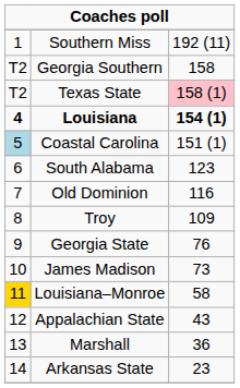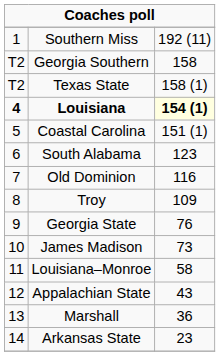 <table class="wikitable">
 <tr align="center">
 <td align="center" Colspan="3"><strong>Coaches poll</strong></td>
 </tr>
 <tr align="center">
 </tr>
 <tr align="center">
 <td>1</td>
 <td>Southern Miss</td>
 <td>192 (11)</td>
 </tr>
 <tr align="center">
 <td>T2</td>
 <td>Georgia Southern</td>
 <td>158</td>
 </tr>
 <tr align="center">
 <td>T2</td>
 <td>Texas State</td>
-<td style="background: pink;">158 (1)</td>
+<td>158 (1)</td>
 </tr>
 <tr align="center">
 <td><strong>4</strong></td>
 <td><strong>Louisiana</strong></td>
-<td><strong>154 (1)</strong></td>
+<td style="background: lightyellow;"><strong>154 (1)</strong></td>
 </tr>
 <tr align="center">
-<td style="background: lightblue;">5</td>
+<td>5</td>
 <td>Coastal Carolina</td>
 <td>151 (1)</td>
 </tr>
 <tr align="center">
 <td>6</td>
 <td>South Alabama</td>
 <td>123</td>
 </tr>
 <tr align="center">
 <td>7</td>
 <td>Old Dominion</td>
 <td>116</td>
 </tr>
 <tr align="center">
 <td>8</td>
 <td>Troy</td>
 <td>109</td>
 </tr>
 <tr align="center">
 <td>9</td>
 <td>Georgia State</td>
 <td>76</td>
 </tr>
 <tr align="center">
 <td>10</td>
 <td>James Madison</td>
 <td>73</td>
 </tr>
 <tr align="center">
-<td style="background: gold;">11</td>
+<td>11</td>
 <td>Louisiana–Monroe</td>
 <td>58</td>
 </tr>
 <tr align="center">
 <td>12</td>
 <td>Appalachian State</td>
 <td>43</td>
 </tr>
 <tr align="center">
 <td>13</td>
 <td>Marshall</td>
 <td>36</td>
 </tr>
 <tr align="center">
 <td>14</td>
 <td>Arkansas State</td>
 <td>23</td>
 </tr>
 <tr align="center">
 </tr>
 </table>
